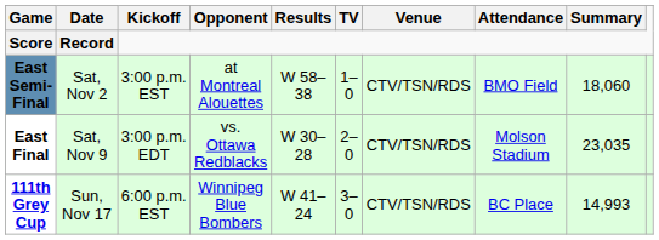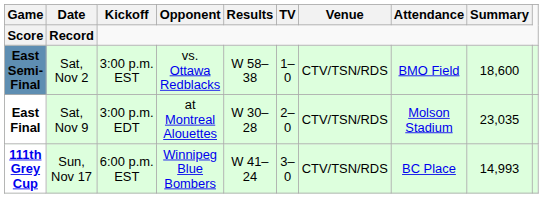 <table class="wikitable" style="font-size: 95%;">
 <tr>
 <th scope="col">Game</th>
 <th scope="col">Date</th>
 <th scope="col">Kickoff</th>
 <th scope="col">Opponent</th>
 <th scope="col">Results</th>
 <th scope="col">TV</th>
 <th scope="col">Venue</th>
 <th scope="col">Attendance</th>
 <th scope="col">Summary</th>
 </tr>
 <tr>
 <th scope="col">Score</th>
 <th scope="col">Record</th>
 </tr>
 <tr align="center" bgcolor="#ddffdd">
 <th style="text-align:center; background:#5E8EB2;"><span>East Semi-Final</span></th>
 <td align="center">Sat, Nov 2</td>
 <td align="center">3:00 p.m. EST</td>
-<td align="center">at <a href='#'>Montreal Alouettes</a></td>
+<td align="center">vs. <a href='#'>Ottawa Redblacks</a></td>
 <td align="center">W 58–38</td>
 <td align="center">1–0</td>
 <td align="center">CTV/TSN/RDS</td>
 <td align="center"><a href='#'>BMO Field</a></td>
-<td align="center">18,060</td>
+<td align="center">18,600</td>
 <td align="center"></td>
 </tr>
 <tr align="center" bgcolor="ddffdd">
 <th style="text-align:center; background:#FFFFFF;"><span>East Final</span></th>
 <td align="center">Sat, Nov 9</td>
 <td align="center">3:00 p.m. EDT</td>
-<td align="center">vs. <a href='#'>Ottawa Redblacks</a></td>
+<td align="center">at <a href='#'>Montreal Alouettes</a></td>
 <td align="center">W 30–28</td>
 <td align="center">2–0</td>
 <td align="center">CTV/TSN/RDS</td>
 <td align="center"><a href='#'>Molson Stadium</a></td>
 <td align="center">23,035</td>
 <td align="center"></td>
 </tr>
 <tr align="center" bgcolor="ddffdd">
 <th style="text-align:center; background:#FFFFFF;"><a href='#'><span>111th Grey Cup</span></a></th>
 <td align="center">Sun, Nov 17</td>
 <td align="center">6:00 p.m. EST</td>
 <td align="center"><a href='#'>Winnipeg Blue Bombers</a></td>
 <td align="center">W 41–24</td>
 <td align="center">3–0</td>
 <td align="center">CTV/TSN/RDS</td>
 <td align="center"><a href='#'>BC Place</a></td>
 <td align="center">14,993</td>
 <td align="center"></td>
 </tr>
 </table>
